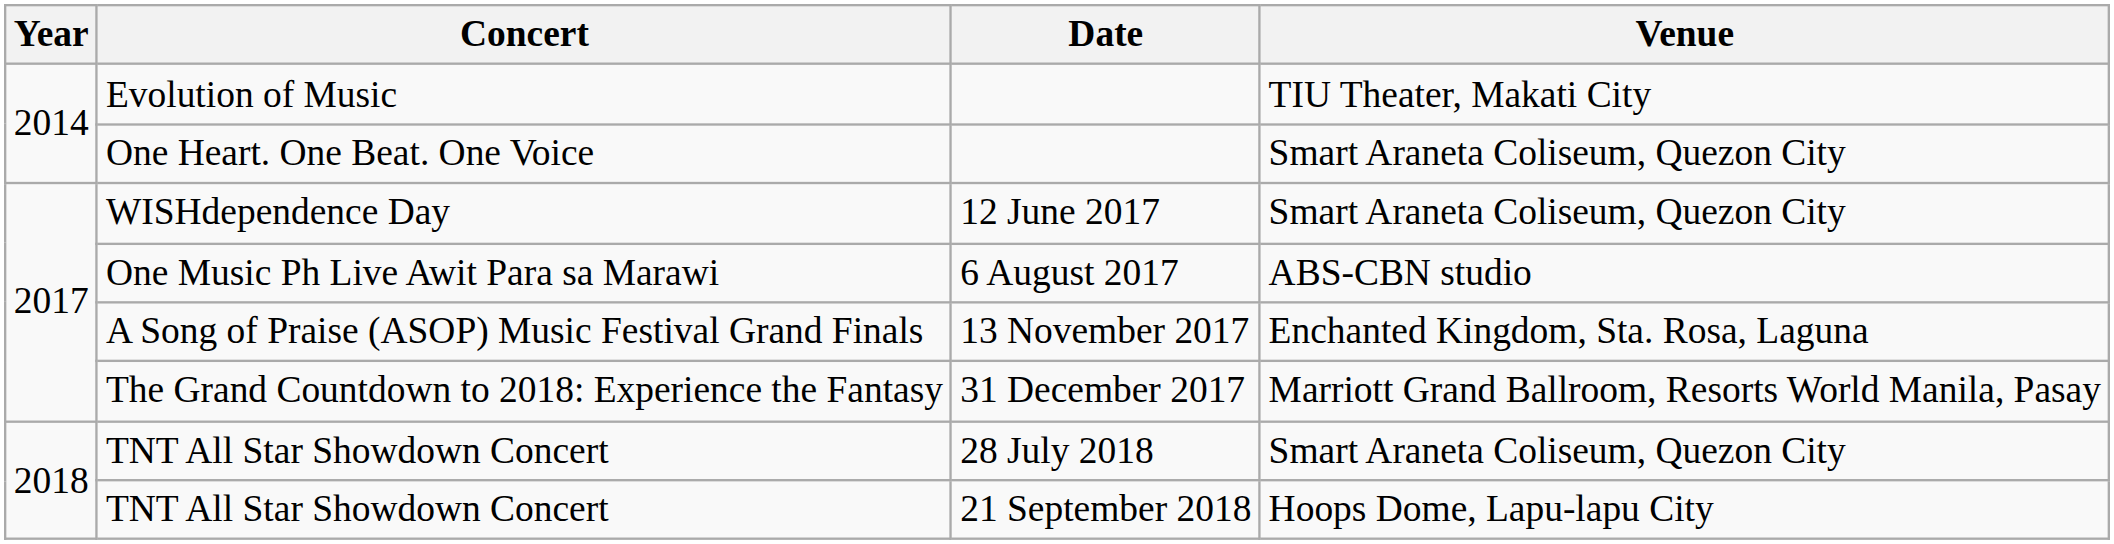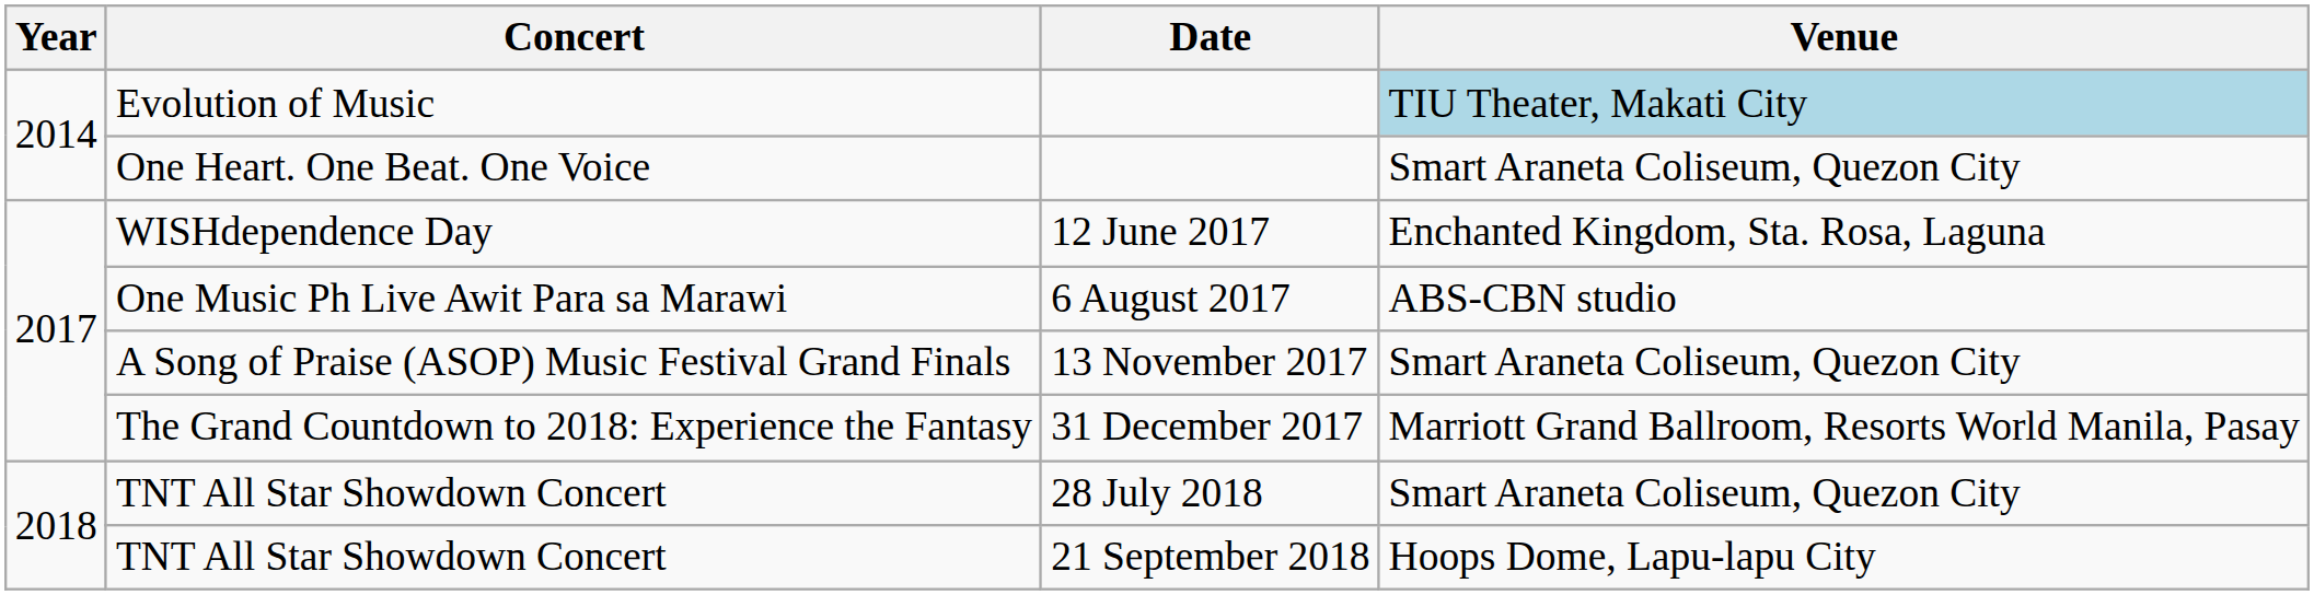 <table class="wikitable">
 <tr>
 <th>Year</th>
 <th>Concert</th>
 <th>Date</th>
 <th>Venue</th>
 </tr>
 <tr>
 <td rowspan="2">2014</td>
 <td>Evolution of Music</td>
 <td></td>
-<td>TIU Theater, Makati City</td>
+<td style="background: lightblue;">TIU Theater, Makati City</td>
 </tr>
 <tr>
 <td>One Heart. One Beat. One Voice</td>
 <td></td>
 <td>Smart Araneta Coliseum, Quezon City</td>
 </tr>
 <tr>
 <td rowspan="4">2017</td>
 <td>WISHdependence Day</td>
 <td>12 June 2017</td>
-<td>Smart Araneta Coliseum, Quezon City</td>
+<td>Enchanted Kingdom, Sta. Rosa, Laguna</td>
 </tr>
 <tr>
 <td>One Music Ph Live Awit Para sa Marawi</td>
 <td>6 August 2017</td>
 <td>ABS-CBN studio</td>
 </tr>
 <tr>
 <td>A Song of Praise (ASOP) Music Festival Grand Finals</td>
 <td>13 November 2017</td>
-<td>Enchanted Kingdom, Sta. Rosa, Laguna</td>
+<td>Smart Araneta Coliseum, Quezon City</td>
 </tr>
 <tr>
 <td>The Grand Countdown to 2018: Experience the Fantasy</td>
 <td>31 December 2017</td>
 <td>Marriott Grand Ballroom, Resorts World Manila, Pasay</td>
 </tr>
 <tr>
 <td rowspan="2">2018</td>
 <td>TNT All Star Showdown Concert</td>
 <td>28 July 2018</td>
 <td>Smart Araneta Coliseum, Quezon City</td>
 </tr>
 <tr>
 <td>TNT All Star Showdown Concert</td>
 <td>21 September 2018</td>
 <td>Hoops Dome, Lapu-lapu City</td>
 </tr>
 </table>
